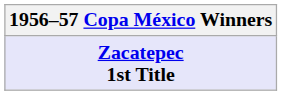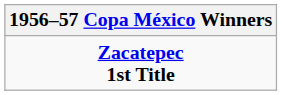 <table class="wikitable" style="text-align: center; margin: 0 auto;">
 <tr>
 <th>1956–57 <a href='#'>Copa México</a> Winners</th>
 </tr>
 <tr>
-<td style="background: lavender;"><strong><a href='#'>Zacatepec</a></strong><br><strong>1st Title</strong></td>
+<td><strong><a href='#'>Zacatepec</a></strong><br><strong>1st Title</strong></td>
 </tr>
 </table>
